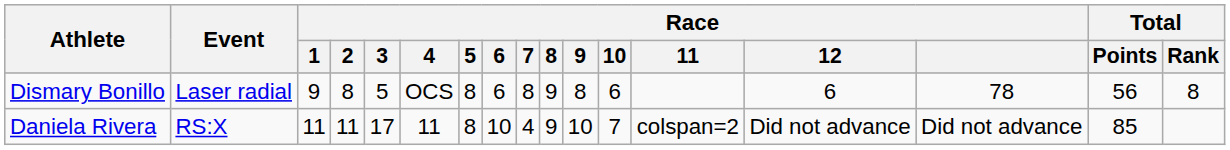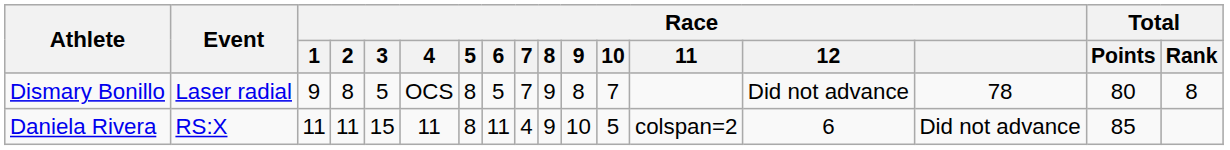 <table class=wikitable style=font-size:90%;text-align:center>
 <tr>
 <th rowspan=2>Athlete</th>
 <th rowspan=2>Event</th>
 <th colspan=13>Race</th>
 <th colspan=2>Total</th>
 </tr>
 <tr style=font-size:95%>
 <th>1</th>
 <th>2</th>
 <th>3</th>
 <th>4</th>
 <th>5</th>
 <th>6</th>
 <th>7</th>
 <th>8</th>
 <th>9</th>
 <th>10</th>
 <th>11</th>
 <th>12</th>
 <th></th>
 <th>Points</th>
 <th>Rank</th>
 </tr>
 <tr>
 <td align=left><a href='#'>Dismary Bonillo</a></td>
 <td align=left><a href='#'>Laser radial</a></td>
 <td>9</td>
 <td>8</td>
 <td>5</td>
 <td>OCS</td>
 <td>8</td>
-<td>6</td>
-<td>8</td>
+<td>5</td>
+<td>7</td>
 <td>9</td>
 <td>8</td>
-<td>6</td>
+<td>7</td>
 <td></td>
-<td>6</td>
+<td>Did not advance</td>
 <td>78</td>
-<td>56</td>
+<td>80</td>
 <td>8</td>
 </tr>
 <tr>
 <td align=left><a href='#'>Daniela Rivera</a></td>
 <td align=left><a href='#'>RS:X</a></td>
 <td>11</td>
 <td>11</td>
-<td>17</td>
+<td>15</td>
 <td>11</td>
 <td>8</td>
-<td>10</td>
+<td>11</td>
 <td>4</td>
 <td>9</td>
 <td>10</td>
-<td>7</td>
+<td>5</td>
 <td>colspan=2 </td>
-<td>Did not advance</td>
+<td>6</td>
 <td>Did not advance</td>
 <td>85</td>
 </tr>
 </table>
